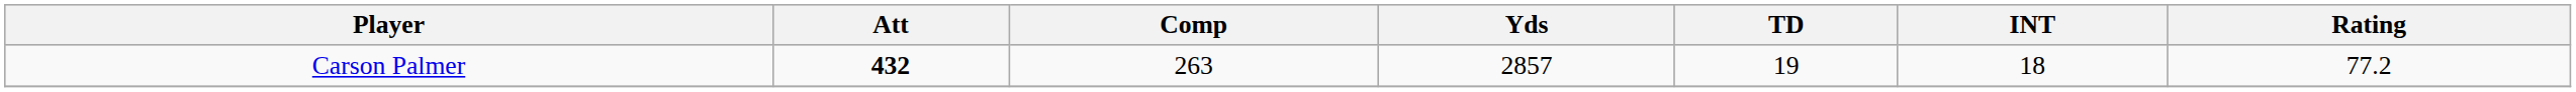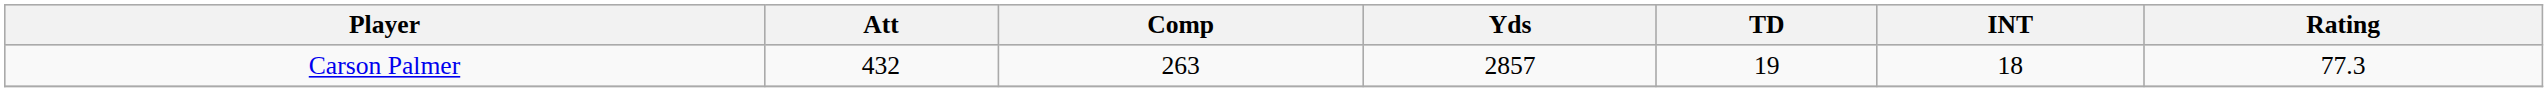 <table class="wikitable" style="text-align:center;" width="80%">
 <tr>
 <th>Player</th>
 <th>Att</th>
 <th>Comp</th>
 <th>Yds</th>
 <th>TD</th>
 <th>INT</th>
 <th>Rating</th>
 </tr>
 <tr align="center" bgcolor="">
 <td><a href='#'>Carson Palmer</a></td>
-<td><strong>432</strong></td>
+<td>432</td>
 <td>263</td>
 <td>2857</td>
 <td>19</td>
 <td>18</td>
-<td>77.2</td>
+<td>77.3</td>
 </tr>
 <tr align="center" bgcolor="">
 </tr>
 </table>
